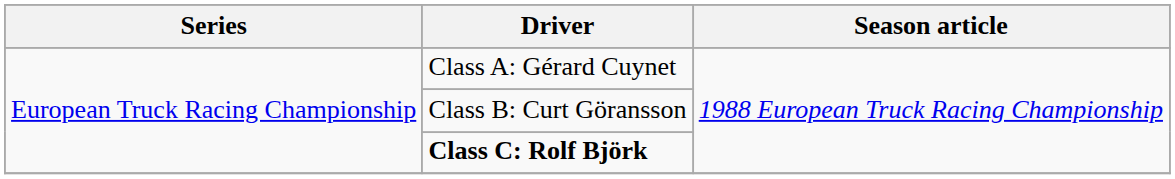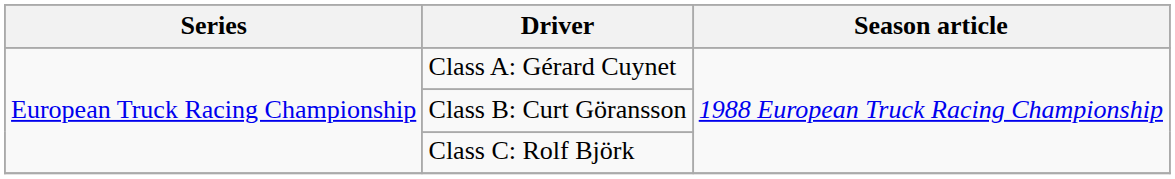 <table class="wikitable" style="font-size: 87%;">
 <tr>
 <th>Series</th>
 <th>Driver</th>
 <th>Season article</th>
 </tr>
 <tr>
 <td rowspan=3><a href='#'>European Truck Racing Championship</a></td>
 <td>Class A:  Gérard Cuynet</td>
 <td rowspan=3><em><a href='#'>1988 European Truck Racing Championship</a></em></td>
 </tr>
 <tr>
 <td>Class B:  Curt Göransson</td>
 </tr>
 <tr>
-<td><strong>Class C:  Rolf Björk</strong></td>
+<td>Class C:  Rolf Björk</td>
 </tr>
 <tr>
 </tr>
 </table>
